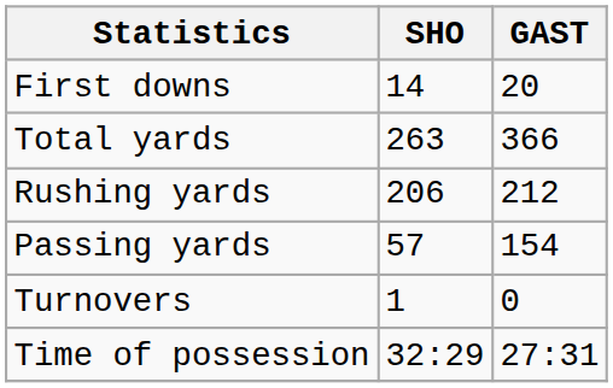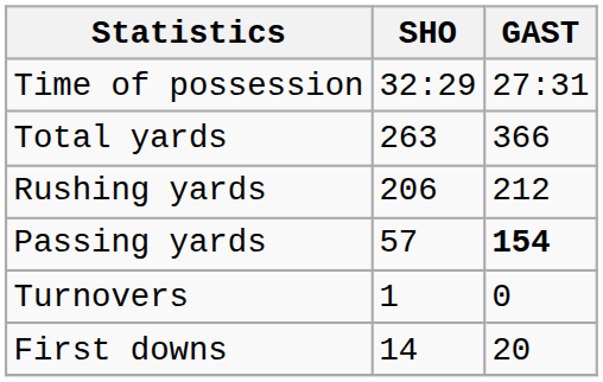 <table class="wikitable" style="float: left;">
 <tr>
 <th>Statistics</th>
 <th>SHO</th>
 <th>GAST</th>
 </tr>
 <tr>
-<td>First downs</td>
-<td>14</td>
-<td>20</td>
+<td>Time of possession</td>
+<td>32:29</td>
+<td>27:31</td>
 </tr>
 <tr>
 <td>Total yards</td>
 <td>263</td>
 <td>366</td>
 </tr>
 <tr>
 <td>Rushing yards</td>
 <td>206</td>
 <td>212</td>
 </tr>
 <tr>
 <td>Passing yards</td>
 <td>57</td>
-<td>154</td>
+<td><strong>154</strong></td>
 </tr>
 <tr>
 <td>Turnovers</td>
 <td>1</td>
 <td>0</td>
 </tr>
 <tr>
-<td>Time of possession</td>
-<td>32:29</td>
-<td>27:31</td>
+<td>First downs</td>
+<td>14</td>
+<td>20</td>
 </tr>
 <tr>
 </tr>
 </table>
